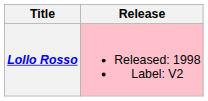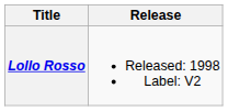 <table class="wikitable plainrowheaders" style="text-align:center;">
 <tr>
 <th scope="col">Title</th>
 <th scope="col">Release</th>
 </tr>
 <tr>
 <th scope="row"><em><a href='#'>Lollo Rosso</a></em></th>
-<td style="background: pink;"><br><ul><li>Released: 1998</li><li>Label: V2</li></ul></td>
+<td><br><ul><li>Released: 1998</li><li>Label: V2</li></ul></td>
 </tr>
 </table>
